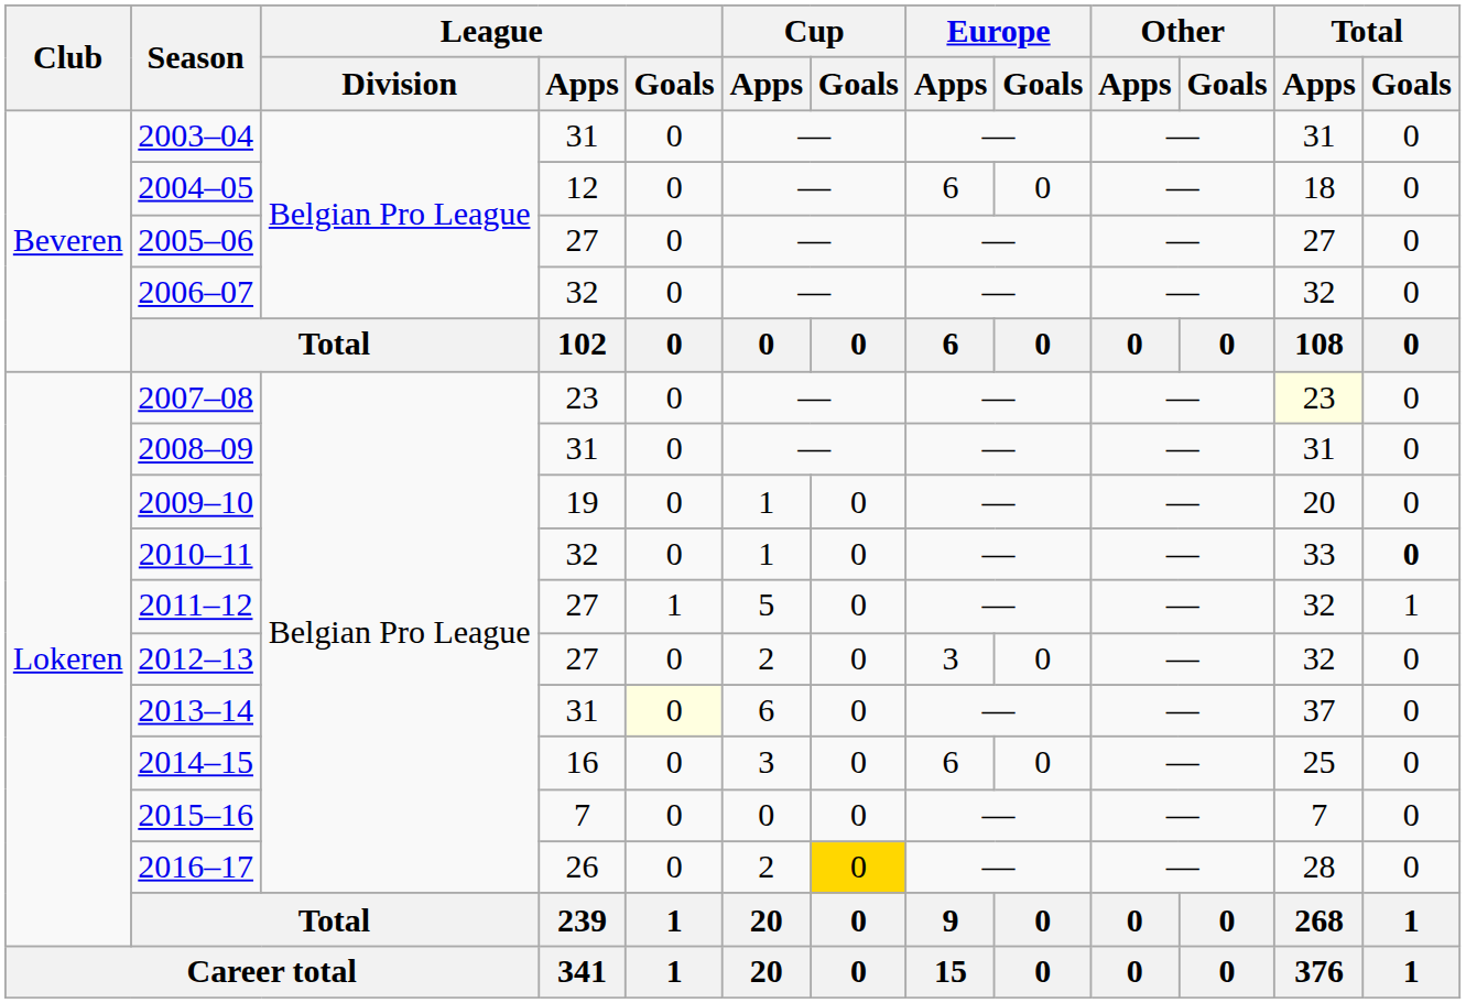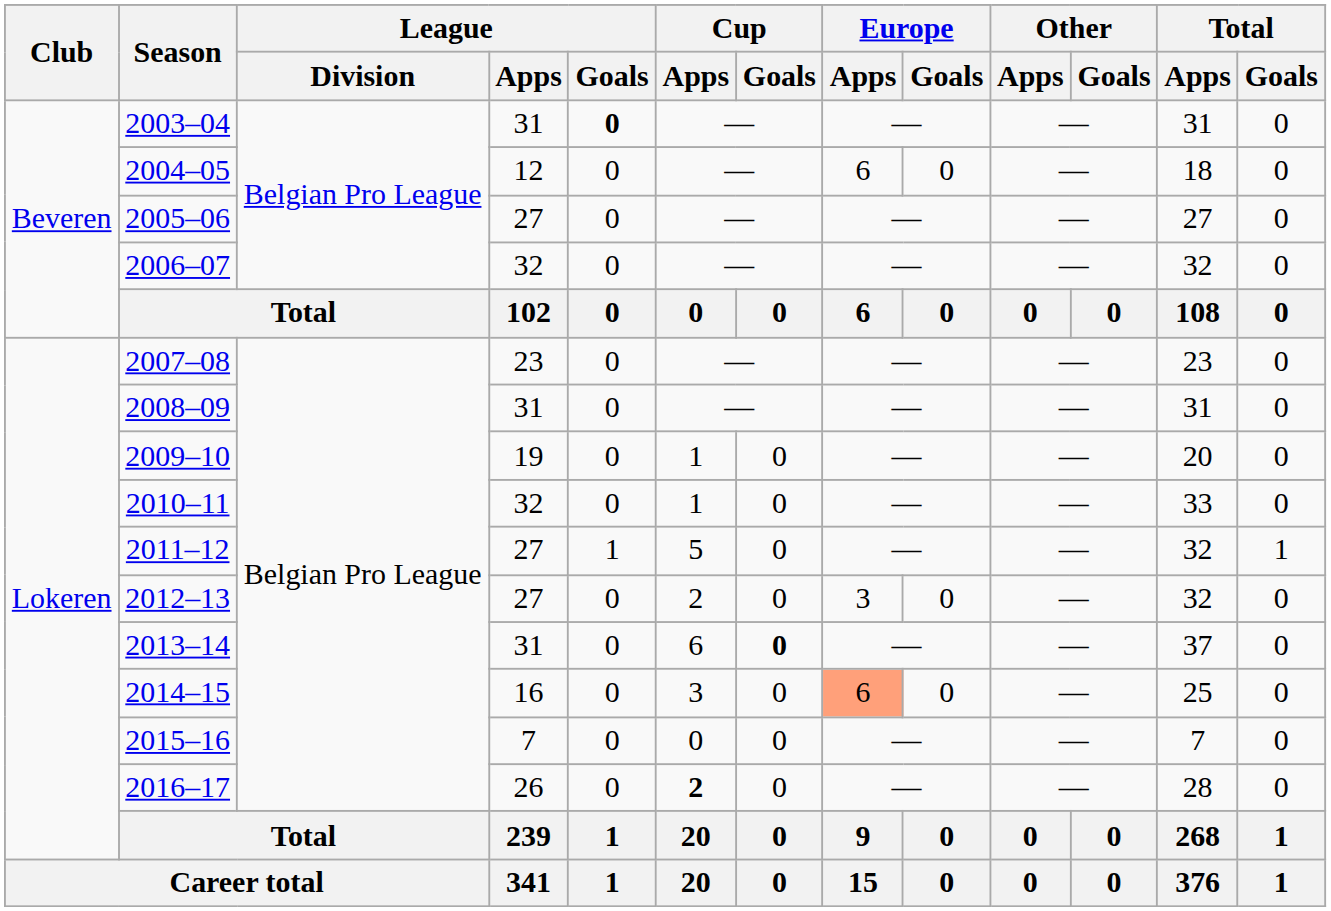 <table class="wikitable" style="text-align:center">
 <tr>
 <th rowspan="2">Club</th>
 <th rowspan="2">Season</th>
 <th colspan="3">League</th>
 <th colspan="2">Cup</th>
 <th colspan="2"><a href='#'>Europe</a></th>
 <th colspan="2">Other</th>
 <th colspan="2">Total</th>
 </tr>
 <tr>
 <th>Division</th>
 <th>Apps</th>
 <th>Goals</th>
 <th>Apps</th>
 <th>Goals</th>
 <th>Apps</th>
 <th>Goals</th>
 <th>Apps</th>
 <th>Goals</th>
 <th>Apps</th>
 <th>Goals</th>
 </tr>
 <tr>
 <td rowspan="5"><a href='#'>Beveren</a></td>
 <td><a href='#'>2003–04</a></td>
 <td rowspan="4"><a href='#'>Belgian Pro League</a></td>
 <td>31</td>
-<td>0</td>
+<td><strong>0</strong></td>
 <td colspan="2">—</td>
 <td colspan="2">—</td>
 <td colspan="2">—</td>
 <td>31</td>
 <td>0</td>
 </tr>
 <tr>
 <td><a href='#'>2004–05</a></td>
 <td>12</td>
 <td>0</td>
 <td colspan="2">—</td>
 <td>6</td>
 <td>0</td>
 <td colspan="2">—</td>
 <td>18</td>
 <td>0</td>
 </tr>
 <tr>
 <td><a href='#'>2005–06</a></td>
 <td>27</td>
 <td>0</td>
 <td colspan="2">—</td>
 <td colspan="2">—</td>
 <td colspan="2">—</td>
 <td>27</td>
 <td>0</td>
 </tr>
 <tr>
 <td><a href='#'>2006–07</a></td>
 <td>32</td>
 <td>0</td>
 <td colspan="2">—</td>
 <td colspan="2">—</td>
 <td colspan="2">—</td>
 <td>32</td>
 <td>0</td>
 </tr>
 <tr>
 <th colspan="2">Total</th>
 <th>102</th>
 <th>0</th>
 <th>0</th>
 <th>0</th>
 <th>6</th>
 <th>0</th>
 <th>0</th>
 <th>0</th>
 <th>108</th>
 <th>0</th>
 </tr>
 <tr>
 <td rowspan="11"><a href='#'>Lokeren</a></td>
 <td><a href='#'>2007–08</a></td>
 <td rowspan="10">Belgian Pro League</td>
 <td>23</td>
 <td>0</td>
 <td colspan="2">—</td>
 <td colspan="2">—</td>
 <td colspan="2">—</td>
-<td style="background: lightyellow;">23</td>
+<td>23</td>
 <td>0</td>
 </tr>
 <tr>
 <td><a href='#'>2008–09</a></td>
 <td>31</td>
 <td>0</td>
 <td colspan="2">—</td>
 <td colspan="2">—</td>
 <td colspan="2">—</td>
 <td>31</td>
 <td>0</td>
 </tr>
 <tr>
 <td><a href='#'>2009–10</a></td>
 <td>19</td>
 <td>0</td>
 <td>1</td>
 <td>0</td>
 <td colspan="2">—</td>
 <td colspan="2">—</td>
 <td>20</td>
 <td>0</td>
 </tr>
 <tr>
 <td><a href='#'>2010–11</a></td>
 <td>32</td>
 <td>0</td>
 <td>1</td>
 <td>0</td>
 <td colspan="2">—</td>
 <td colspan="2">—</td>
 <td>33</td>
-<td><strong>0</strong></td>
+<td>0</td>
 </tr>
 <tr>
 <td><a href='#'>2011–12</a></td>
 <td>27</td>
 <td>1</td>
 <td>5</td>
 <td>0</td>
 <td colspan="2">—</td>
 <td colspan="2">—</td>
 <td>32</td>
 <td>1</td>
 </tr>
 <tr>
 <td><a href='#'>2012–13</a></td>
 <td>27</td>
 <td>0</td>
 <td>2</td>
 <td>0</td>
 <td>3</td>
 <td>0</td>
 <td colspan="2">—</td>
 <td>32</td>
 <td>0</td>
 </tr>
 <tr>
 <td><a href='#'>2013–14</a></td>
 <td>31</td>
-<td style="background: lightyellow;">0</td>
+<td>0</td>
 <td>6</td>
-<td>0</td>
+<td><strong>0</strong></td>
 <td colspan="2">—</td>
 <td colspan="2">—</td>
 <td>37</td>
 <td>0</td>
 </tr>
 <tr>
 <td><a href='#'>2014–15</a></td>
 <td>16</td>
 <td>0</td>
 <td>3</td>
 <td>0</td>
-<td>6</td>
+<td style="background: lightsalmon;">6</td>
 <td>0</td>
 <td colspan="2">—</td>
 <td>25</td>
 <td>0</td>
 </tr>
 <tr>
 <td><a href='#'>2015–16</a></td>
 <td>7</td>
 <td>0</td>
 <td>0</td>
 <td>0</td>
 <td colspan="2">—</td>
 <td colspan="2">—</td>
 <td>7</td>
 <td>0</td>
 </tr>
 <tr>
 <td><a href='#'>2016–17</a></td>
 <td>26</td>
 <td>0</td>
-<td>2</td>
-<td style="background: gold;">0</td>
+<td><strong>2</strong></td>
+<td>0</td>
 <td colspan="2">—</td>
 <td colspan="2">—</td>
 <td>28</td>
 <td>0</td>
 </tr>
 <tr>
 <th colspan="2">Total</th>
 <th>239</th>
 <th>1</th>
 <th>20</th>
 <th>0</th>
 <th>9</th>
 <th>0</th>
 <th>0</th>
 <th>0</th>
 <th>268</th>
 <th>1</th>
 </tr>
 <tr>
 <th colspan="3">Career total</th>
 <th>341</th>
 <th>1</th>
 <th>20</th>
 <th>0</th>
 <th>15</th>
 <th>0</th>
 <th>0</th>
 <th>0</th>
 <th>376</th>
 <th>1</th>
 </tr>
 </table>
